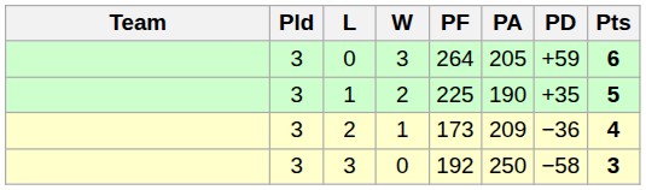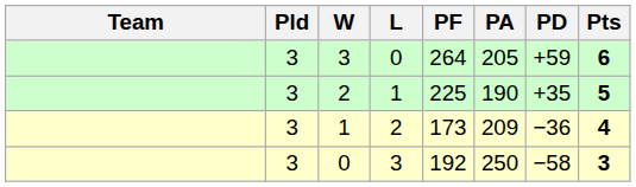 <table class=wikitable style="text-align:center">
 <tr>
 <th width=180>Team</th>
 <th width=30>Pld</th>
+<th width=30>W</th>
 <th width=30>L</th>
-<th width=30>W</th>
 <th width=30>PF</th>
 <th width=30>PA</th>
 <th width=30>PD</th>
 <th width=30>Pts</th>
 </tr>
 <tr bgcolor="#ccffcc">
 <td align="left"></td>
 <td>3</td>
+<td>3</td>
 <td>0</td>
-<td>3</td>
 <td>264</td>
 <td>205</td>
 <td>+59</td>
 <td><strong>6</strong></td>
 </tr>
 <tr bgcolor="#ccffcc">
 <td align="left"></td>
 <td>3</td>
+<td>2</td>
 <td>1</td>
-<td>2</td>
 <td>225</td>
 <td>190</td>
 <td>+35</td>
 <td><strong>5</strong></td>
 </tr>
 <tr bgcolor="ffffcc">
 <td align="left"></td>
 <td>3</td>
+<td>1</td>
 <td>2</td>
-<td>1</td>
 <td>173</td>
 <td>209</td>
 <td>−36</td>
 <td><strong>4</strong></td>
 </tr>
 <tr bgcolor="ffffcc">
 <td align="left"></td>
 <td>3</td>
+<td>0</td>
 <td>3</td>
-<td>0</td>
 <td>192</td>
 <td>250</td>
 <td>−58</td>
 <td><strong>3</strong></td>
 </tr>
 </table>
